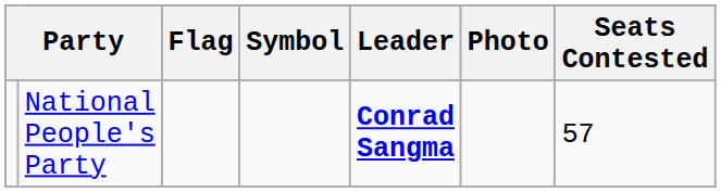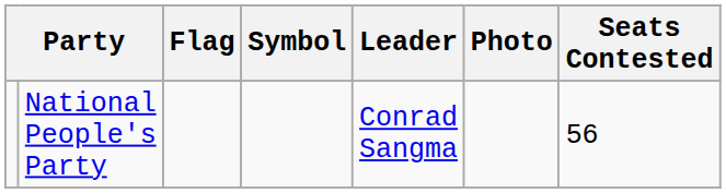 <table class="wikitable"  width="53%">
 <tr>
 <th colspan="2">Party</th>
 <th>Flag</th>
 <th>Symbol</th>
 <th>Leader</th>
 <th>Photo</th>
 <th>Seats Contested</th>
 </tr>
 <tr>
 <td ! style="text-align:center; background:"></td>
 <td><a href='#'>National People's Party</a></td>
 <td></td>
 <td></td>
-<td><strong><a href='#'>Conrad Sangma</a></strong></td>
+<td><a href='#'>Conrad Sangma</a></td>
 <td></td>
-<td>57</td>
+<td>56</td>
 </tr>
 </table>
